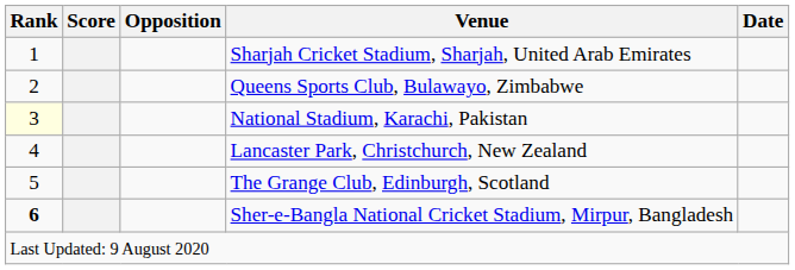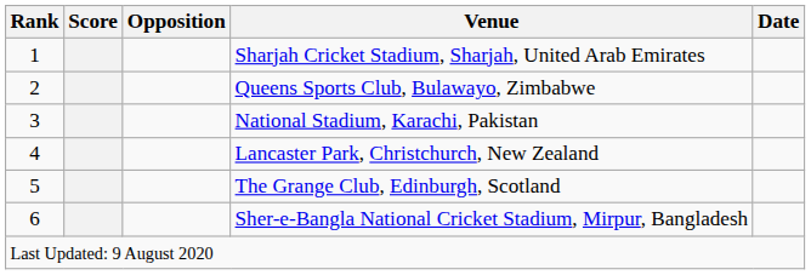 <table class="wikitable plainrowheaders sortable">
 <tr>
 <th scope=col>Rank</th>
 <th scope=col>Score</th>
 <th scope=col>Opposition</th>
 <th scope=col>Venue</th>
 <th scope=col>Date</th>
 </tr>
 <tr>
 <td align=center>1</td>
 <th scope=row style=text-align:center;></th>
 <td></td>
 <td><a href='#'>Sharjah Cricket Stadium</a>, <a href='#'>Sharjah</a>, United Arab Emirates</td>
 <td></td>
 </tr>
 <tr>
 <td align=center>2</td>
 <th scope=row style=text-align:center;></th>
 <td></td>
 <td><a href='#'>Queens Sports Club</a>, <a href='#'>Bulawayo</a>, Zimbabwe</td>
 <td></td>
 </tr>
 <tr>
-<td align="center" style="background: lightyellow;">3</td>
+<td align="center">3</td>
 <th scope="row" style="text-align:center;"></th>
 <td></td>
 <td><a href='#'>National Stadium</a>, <a href='#'>Karachi</a>, Pakistan</td>
 <td></td>
 </tr>
 <tr>
 <td align="center">4</td>
 <th scope="row" style="text-align:center;"></th>
 <td></td>
 <td><a href='#'>Lancaster Park</a>, <a href='#'>Christchurch</a>, New Zealand</td>
 <td></td>
 </tr>
 <tr>
 <td align="center">5</td>
 <th scope="row" style="text-align:center;"></th>
 <td></td>
 <td><a href='#'>The Grange Club</a>, <a href='#'>Edinburgh</a>, Scotland</td>
 <td></td>
 </tr>
 <tr>
-<td align="center"><strong>6</strong></td>
+<td align="center">6</td>
 <th scope="row" style="text-align:center;"></th>
 <td></td>
 <td><a href='#'>Sher-e-Bangla National Cricket Stadium</a>, <a href='#'>Mirpur</a>, Bangladesh</td>
 <td></td>
 </tr>
 <tr class=sortbottom>
 <td colspan=5><small>Last Updated: 9 August 2020</small></td>
 </tr>
 </table>
